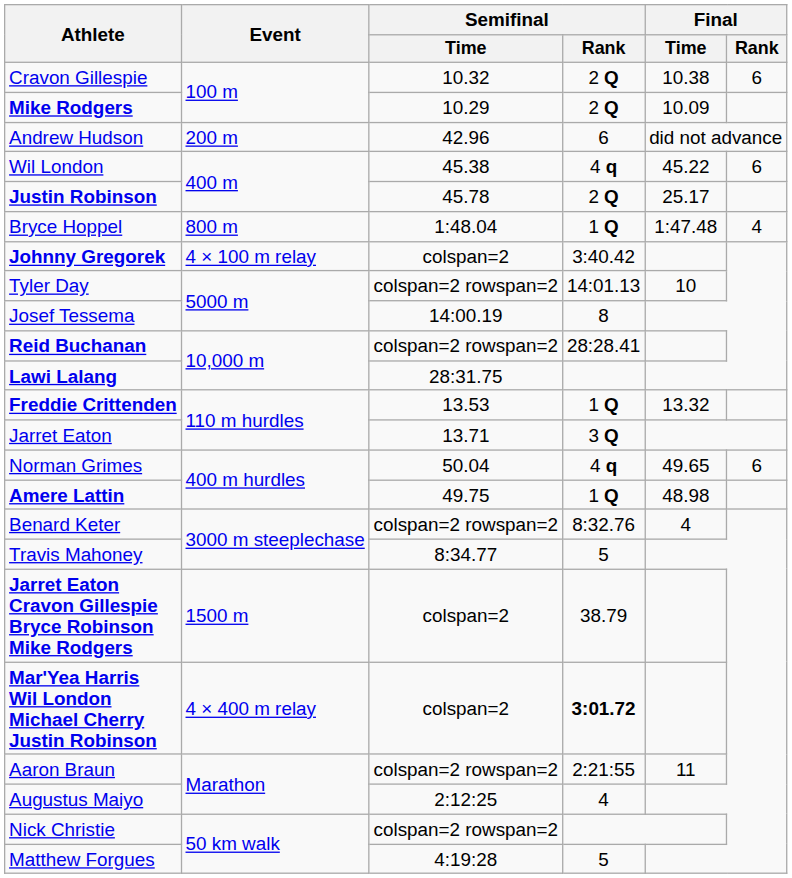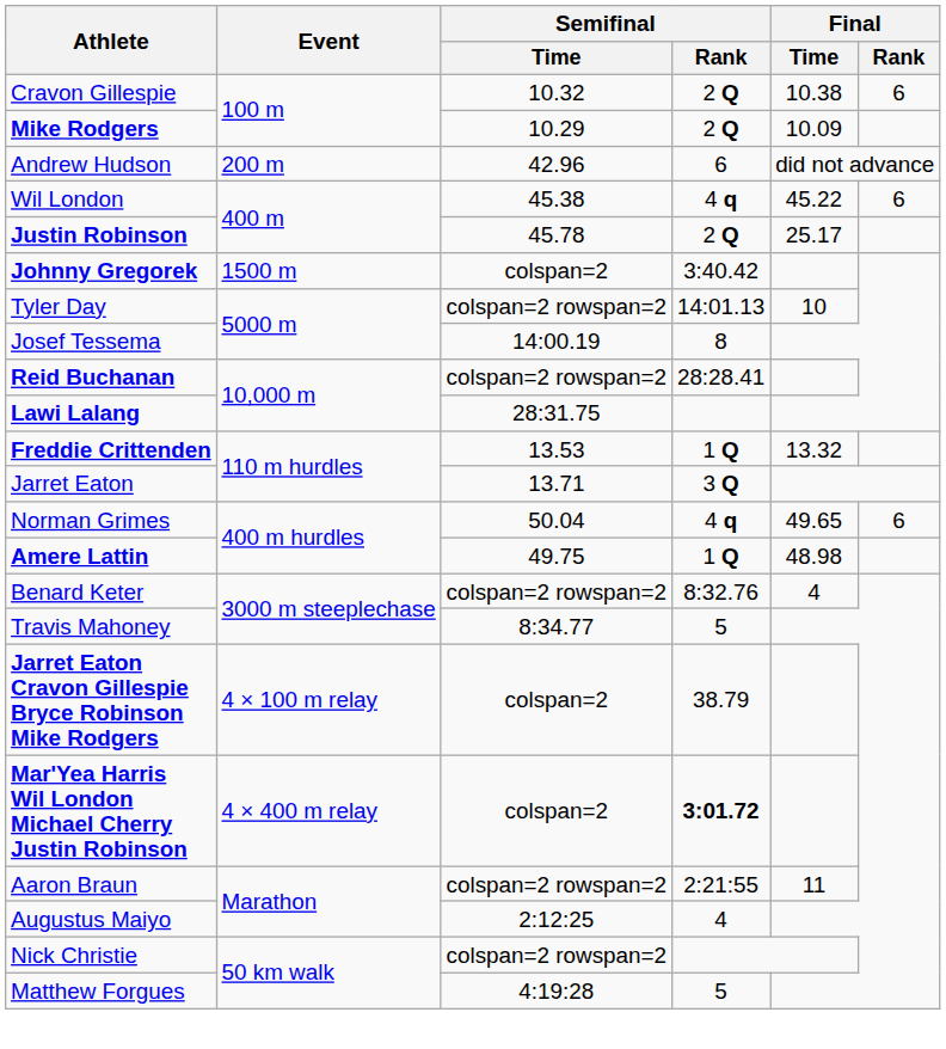 <table class=wikitable style=font-size:90%;text-align:center>
 <tr>
 <th rowspan=2>Athlete</th>
 <th rowspan=2>Event</th>
 <th colspan=2>Semifinal</th>
 <th colspan=2>Final</th>
 </tr>
 <tr style=font-size:95%>
 <th>Time</th>
 <th>Rank</th>
 <th>Time</th>
 <th>Rank</th>
 </tr>
 <tr>
 <td align=left><a href='#'>Cravon Gillespie</a></td>
 <td align=left rowspan=2><a href='#'>100 m</a></td>
 <td>10.32</td>
 <td>2 <strong>Q</strong></td>
 <td>10.38</td>
 <td>6</td>
 </tr>
 <tr>
 <td align=left><strong><a href='#'>Mike Rodgers</a></strong></td>
 <td>10.29</td>
 <td>2 <strong>Q</strong></td>
 <td>10.09</td>
 <td></td>
 </tr>
 <tr>
 <td align=left><a href='#'>Andrew Hudson</a></td>
 <td align=left><a href='#'>200 m</a></td>
 <td>42.96</td>
 <td>6</td>
 <td colspan=2>did not advance</td>
 </tr>
 <tr>
 <td align=left><a href='#'>Wil London</a></td>
 <td align=left rowspan=2><a href='#'>400 m</a></td>
 <td>45.38</td>
 <td>4 <strong>q</strong></td>
 <td>45.22</td>
 <td>6</td>
 </tr>
 <tr>
 <td align=left><strong><a href='#'>Justin Robinson</a></strong></td>
 <td>45.78</td>
 <td>2 <strong>Q</strong></td>
 <td>25.17</td>
 <td></td>
 </tr>
 <tr>
-<td align=left><a href='#'>Bryce Hoppel</a></td>
-<td align=left><a href='#'>800 m</a></td>
-<td>1:48.04</td>
-<td>1 <strong>Q</strong></td>
-<td>1:47.48</td>
-<td>4</td>
-</tr>
-<tr>
 <td align=left><strong><a href='#'>Johnny Gregorek</a></strong></td>
-<td align=left><a href='#'>4 × 100 m relay</a></td>
+<td align=left><a href='#'>1500 m</a></td>
 <td>colspan=2 </td>
 <td>3:40.42</td>
 <td></td>
 </tr>
 <tr>
 <td align=left><a href='#'>Tyler Day</a></td>
 <td align=left rowspan=2><a href='#'>5000 m</a></td>
 <td>colspan=2 rowspan=2 </td>
 <td>14:01.13</td>
 <td>10</td>
 </tr>
 <tr>
 <td align=left><a href='#'>Josef Tessema</a></td>
 <td>14:00.19</td>
 <td>8</td>
 </tr>
 <tr>
 <td align=left><strong><a href='#'>Reid Buchanan</a></strong></td>
 <td align=left rowspan=2><a href='#'>10,000 m</a></td>
 <td>colspan=2 rowspan=2 </td>
 <td>28:28.41</td>
 <td></td>
 </tr>
 <tr>
 <td align=left><strong><a href='#'>Lawi Lalang</a></strong></td>
 <td>28:31.75</td>
 <td></td>
 </tr>
 <tr>
 <td align=left><strong><a href='#'>Freddie Crittenden</a></strong></td>
 <td align=left rowspan=2><a href='#'>110 m hurdles</a></td>
 <td>13.53</td>
 <td>1 <strong>Q</strong></td>
 <td>13.32</td>
 <td></td>
 </tr>
 <tr>
 <td align=left><a href='#'>Jarret Eaton</a></td>
 <td>13.71</td>
 <td>3 <strong>Q</strong></td>
 <td colspan=2></td>
 </tr>
 <tr>
 <td align=left><a href='#'>Norman Grimes</a></td>
 <td align=left rowspan=2><a href='#'>400 m hurdles</a></td>
 <td>50.04</td>
 <td>4 <strong>q</strong></td>
 <td>49.65</td>
 <td>6</td>
 </tr>
 <tr>
 <td align=left><strong><a href='#'>Amere Lattin</a></strong></td>
 <td>49.75</td>
 <td>1 <strong>Q</strong></td>
 <td>48.98</td>
 <td></td>
 </tr>
 <tr>
 <td align=left><a href='#'>Benard Keter</a></td>
 <td align=left rowspan=2><a href='#'>3000 m steeplechase</a></td>
 <td>colspan=2 rowspan=2 </td>
 <td>8:32.76</td>
 <td>4</td>
 </tr>
 <tr>
 <td align=left><a href='#'>Travis Mahoney</a></td>
 <td>8:34.77</td>
 <td>5</td>
 </tr>
 <tr>
 <td align=left><strong><a href='#'>Jarret Eaton</a><br><a href='#'>Cravon Gillespie</a><br><a href='#'>Bryce Robinson</a><br><a href='#'>Mike Rodgers</a></strong></td>
-<td align=left><a href='#'>1500 m</a></td>
+<td align=left><a href='#'>4 × 100 m relay</a></td>
 <td>colspan=2 </td>
 <td>38.79</td>
 <td></td>
 </tr>
 <tr>
 <td align=left><strong><a href='#'>Mar'Yea Harris</a><br><a href='#'>Wil London</a><br><a href='#'>Michael Cherry</a><br><a href='#'>Justin Robinson</a></strong></td>
 <td align=left><a href='#'>4 × 400 m relay</a></td>
 <td>colspan=2 </td>
 <td><strong>3:01.72</strong></td>
 <td></td>
 </tr>
 <tr>
 <td align=left><a href='#'>Aaron Braun</a></td>
 <td align=left rowspan=2><a href='#'>Marathon</a></td>
 <td>colspan=2 rowspan=2 </td>
 <td>2:21:55</td>
 <td>11</td>
 </tr>
 <tr>
 <td align=left><a href='#'>Augustus Maiyo</a></td>
 <td>2:12:25</td>
 <td>4</td>
 </tr>
 <tr>
 <td align=left><a href='#'>Nick Christie</a></td>
 <td align=left rowspan=2><a href='#'>50 km walk</a></td>
 <td>colspan=2 rowspan=2 </td>
 <td colspan=2></td>
 </tr>
 <tr>
 <td align=left><a href='#'>Matthew Forgues</a></td>
 <td>4:19:28</td>
 <td>5</td>
 </tr>
 </table>
